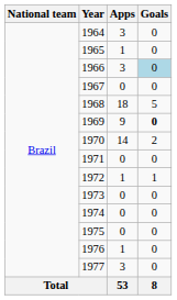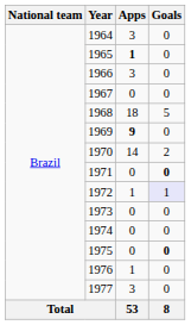 <table class="wikitable" style="text-align:center">
 <tr>
 <th>National team</th>
 <th>Year</th>
 <th>Apps</th>
 <th>Goals</th>
 </tr>
 <tr>
 <td rowspan="14"><a href='#'>Brazil</a></td>
 <td>1964</td>
 <td>3</td>
 <td>0</td>
 </tr>
 <tr>
 <td>1965</td>
-<td>1</td>
+<td><strong>1</strong></td>
 <td>0</td>
 </tr>
 <tr>
 <td>1966</td>
 <td>3</td>
-<td style="background: lightblue;">0</td>
+<td>0</td>
 </tr>
 <tr>
 <td>1967</td>
 <td>0</td>
 <td>0</td>
 </tr>
 <tr>
 <td>1968</td>
 <td>18</td>
 <td>5</td>
 </tr>
 <tr>
 <td>1969</td>
-<td>9</td>
-<td><strong>0</strong></td>
+<td><strong>9</strong></td>
+<td>0</td>
 </tr>
 <tr>
 <td>1970</td>
 <td>14</td>
 <td>2</td>
 </tr>
 <tr>
 <td>1971</td>
 <td>0</td>
-<td>0</td>
+<td><strong>0</strong></td>
 </tr>
 <tr>
 <td>1972</td>
 <td>1</td>
-<td>1</td>
+<td style="background: lavender;">1</td>
 </tr>
 <tr>
 <td>1973</td>
 <td>0</td>
 <td>0</td>
 </tr>
 <tr>
 <td>1974</td>
 <td>0</td>
 <td>0</td>
 </tr>
 <tr>
 <td>1975</td>
 <td>0</td>
-<td>0</td>
+<td><strong>0</strong></td>
 </tr>
 <tr>
 <td>1976</td>
 <td>1</td>
 <td>0</td>
 </tr>
 <tr>
 <td>1977</td>
 <td>3</td>
 <td>0</td>
 </tr>
 <tr>
 <th colspan="2">Total</th>
 <th>53</th>
 <th>8</th>
 </tr>
 </table>
